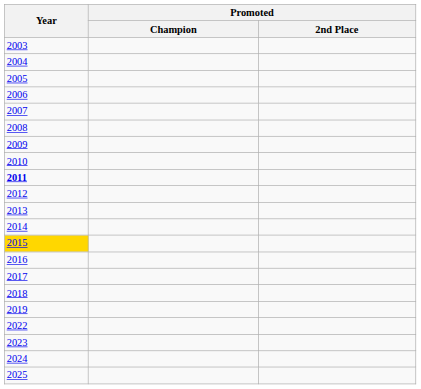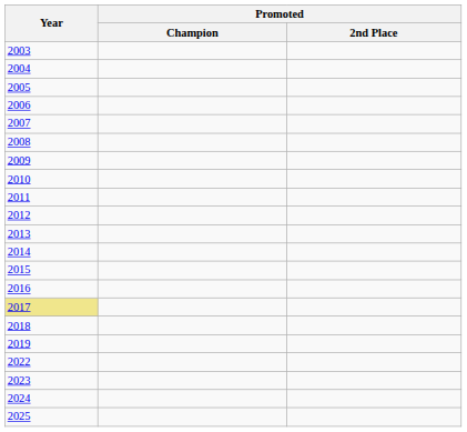 <table class="wikitable" width=40%>
 <tr>
 <th rowspan=2>Year</th>
 <th colspan=2>Promoted</th>
 </tr>
 <tr>
 <th>Champion</th>
 <th>2nd Place</th>
 </tr>
 <tr>
 <td><a href='#'>2003</a></td>
 <td></td>
 <td></td>
 </tr>
 <tr>
 <td><a href='#'>2004</a></td>
 <td></td>
 <td></td>
 </tr>
 <tr>
 <td><a href='#'>2005</a></td>
 <td></td>
 <td></td>
 </tr>
 <tr>
 <td><a href='#'>2006</a></td>
 <td></td>
 <td></td>
 </tr>
 <tr>
 <td><a href='#'>2007</a></td>
 <td></td>
 <td></td>
 </tr>
 <tr>
 <td><a href='#'>2008</a></td>
 <td></td>
 <td></td>
 </tr>
 <tr>
 <td><a href='#'>2009</a></td>
 <td></td>
 <td></td>
 </tr>
 <tr>
 <td><a href='#'>2010</a></td>
 <td></td>
 <td></td>
 </tr>
 <tr>
-<td><strong><a href='#'>2011</a></strong></td>
+<td><a href='#'>2011</a></td>
 <td></td>
 <td></td>
 </tr>
 <tr>
 <td><a href='#'>2012</a></td>
 <td></td>
 <td></td>
 </tr>
 <tr>
 <td><a href='#'>2013</a></td>
 <td></td>
 <td></td>
 </tr>
 <tr>
 <td><a href='#'>2014</a></td>
 <td></td>
 <td></td>
 </tr>
 <tr>
-<td style="background: gold;"><a href='#'>2015</a></td>
+<td><a href='#'>2015</a></td>
 <td></td>
 <td></td>
 </tr>
 <tr>
 <td><a href='#'>2016</a></td>
 <td></td>
 <td></td>
 </tr>
 <tr>
-<td><a href='#'>2017</a></td>
+<td style="background: khaki;"><a href='#'>2017</a></td>
 <td></td>
 <td></td>
 </tr>
 <tr>
 <td><a href='#'>2018</a></td>
 <td></td>
 <td></td>
 </tr>
 <tr>
 <td><a href='#'>2019</a></td>
 <td></td>
 <td></td>
 </tr>
 <tr>
 <td><a href='#'>2022</a></td>
 <td></td>
 <td></td>
 </tr>
 <tr>
 <td><a href='#'>2023</a></td>
 <td></td>
 <td></td>
 </tr>
 <tr>
 <td><a href='#'>2024</a></td>
 <td></td>
 <td></td>
 </tr>
 <tr>
 <td><a href='#'>2025</a></td>
 <td></td>
 <td></td>
 </tr>
 </table>
